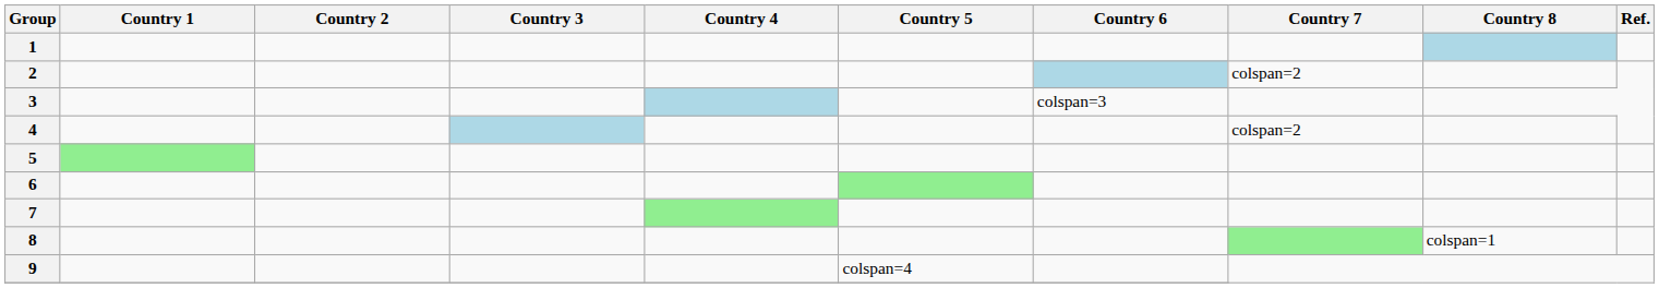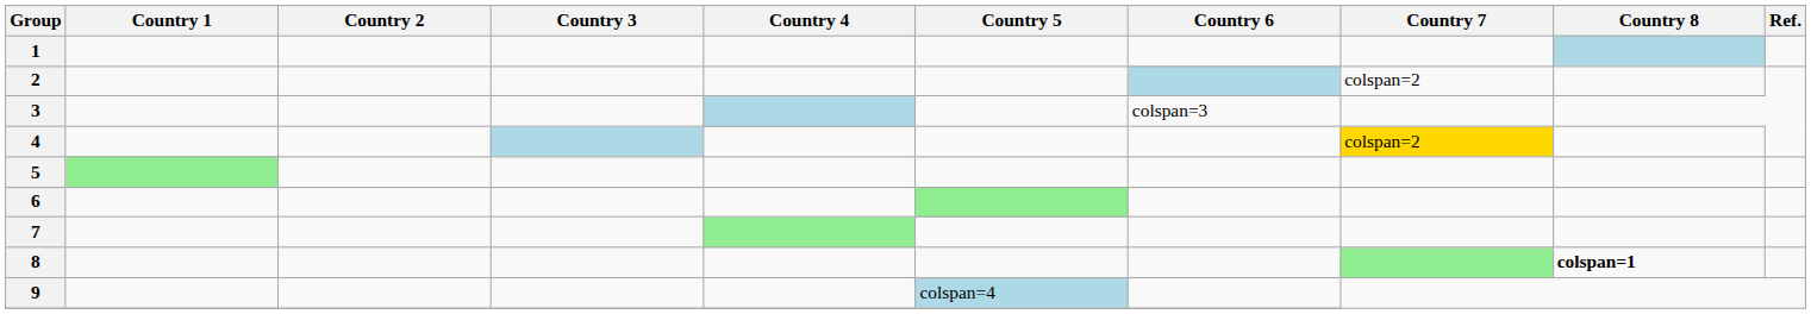 <table class="wikitable sortable" style="font-size: 90%;">
 <tr>
 <th>Group</th>
 <th width=160>Country 1</th>
 <th width=160>Country 2</th>
 <th width=160>Country 3</th>
 <th width=160>Country 4</th>
 <th width=160>Country 5</th>
 <th width=160>Country 6</th>
 <th width=160>Country 7</th>
 <th width=160>Country 8</th>
 <th>Ref.</th>
 </tr>
 <tr>
 <th>1</th>
 <td></td>
 <td></td>
 <td></td>
 <td></td>
 <td></td>
 <td></td>
 <td></td>
 <td bgcolor="lightblue"><strong></strong></td>
 <td></td>
 </tr>
 <tr>
 <th>2</th>
 <td></td>
 <td></td>
 <td></td>
 <td></td>
 <td></td>
 <td bgcolor="lightblue"><strong></strong></td>
 <td>colspan=2 </td>
 <td></td>
 </tr>
 <tr>
 <th>3</th>
 <td></td>
 <td></td>
 <td></td>
 <td bgcolor="lightblue"><strong></strong></td>
 <td></td>
 <td>colspan=3 </td>
 <td></td>
 </tr>
 <tr>
 <th>4</th>
 <td></td>
 <td></td>
 <td bgcolor="lightblue"><strong></strong></td>
 <td></td>
 <td></td>
 <td></td>
-<td>colspan=2 </td>
+<td style="background: gold;">colspan=2 </td>
 <td></td>
 </tr>
 <tr>
 <th>5</th>
 <td bgcolor="lightgreen"><strong></strong></td>
 <td></td>
 <td></td>
 <td></td>
 <td></td>
 <td></td>
 <td></td>
 <td></td>
 <td></td>
 </tr>
 <tr>
 <th>6</th>
 <td></td>
 <td></td>
 <td></td>
 <td></td>
 <td bgcolor="lightgreen"><strong></strong></td>
 <td></td>
 <td></td>
 <td></td>
 <td></td>
 </tr>
 <tr>
 <th>7</th>
 <td></td>
 <td></td>
 <td></td>
 <td bgcolor="lightgreen"><strong></strong></td>
 <td></td>
 <td></td>
 <td></td>
 <td></td>
 <td></td>
 </tr>
 <tr>
 <th>8</th>
 <td></td>
 <td></td>
 <td></td>
 <td></td>
 <td></td>
 <td></td>
 <td bgcolor="lightgreen"><strong></strong></td>
-<td>colspan=1 </td>
+<td><strong>colspan=1 </strong></td>
 <td></td>
 </tr>
 <tr>
 <th>9</th>
 <td></td>
 <td></td>
 <td></td>
 <td></td>
-<td>colspan=4 </td>
+<td style="background: lightblue;">colspan=4 </td>
 <td></td>
 </tr>
 <tr>
 </tr>
 </table>
